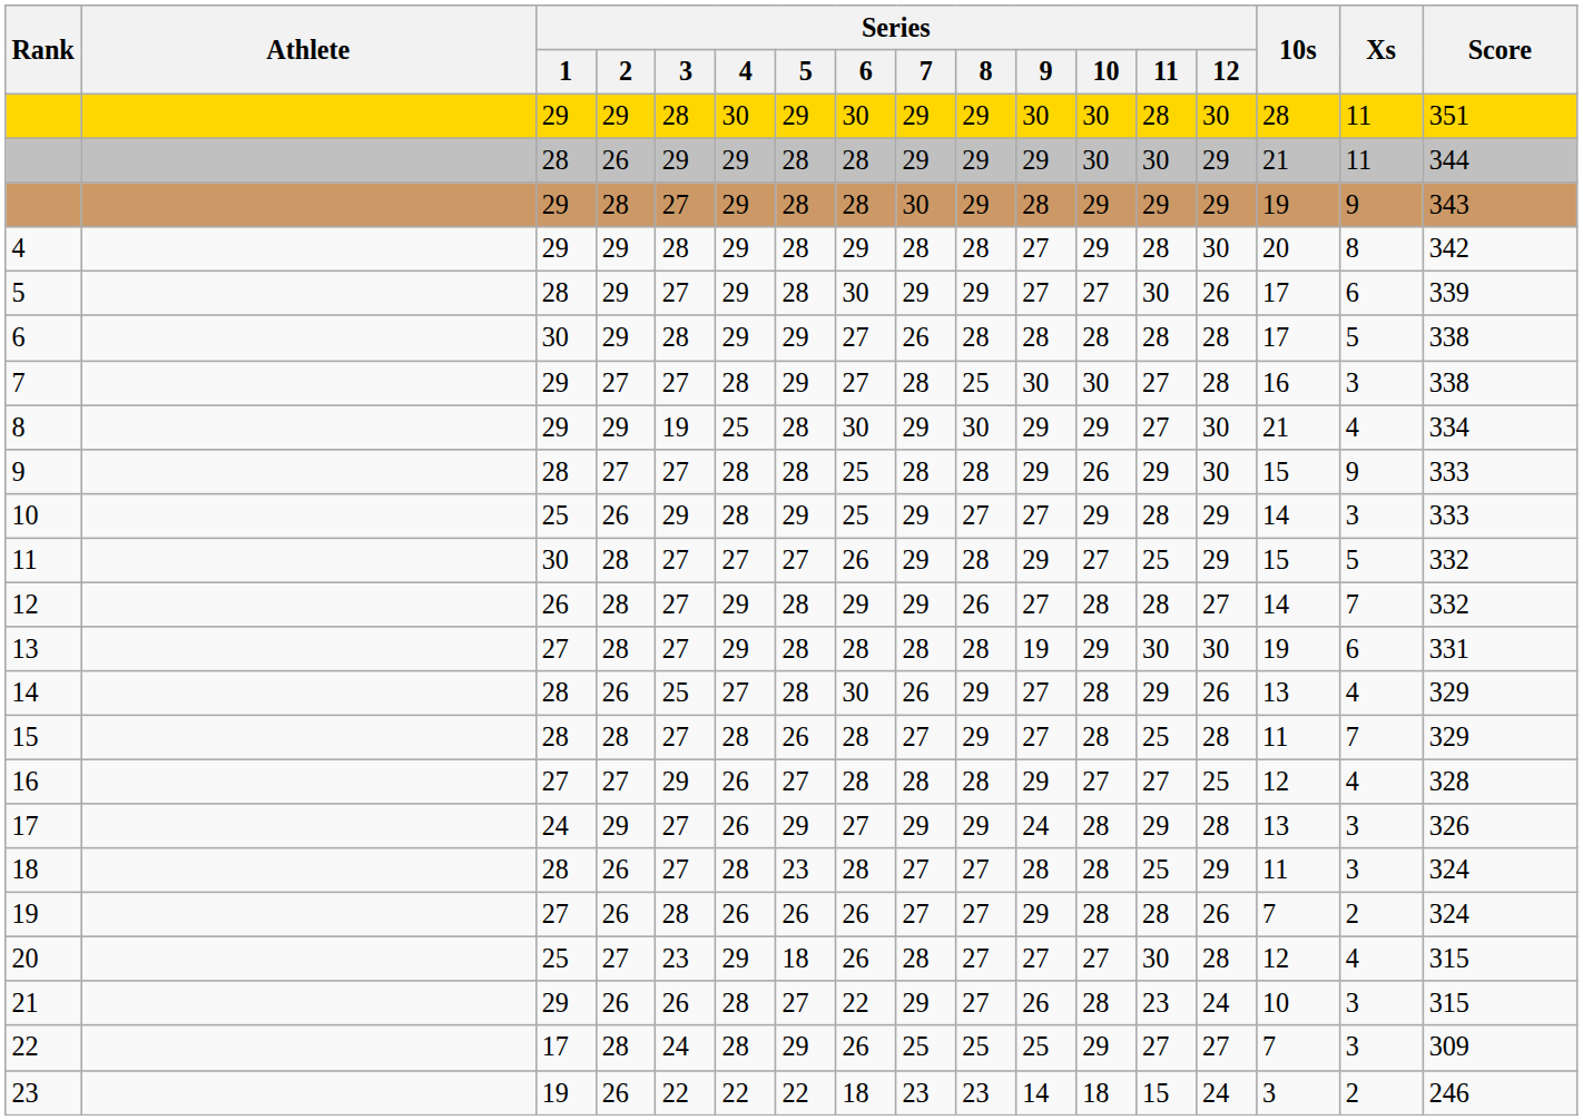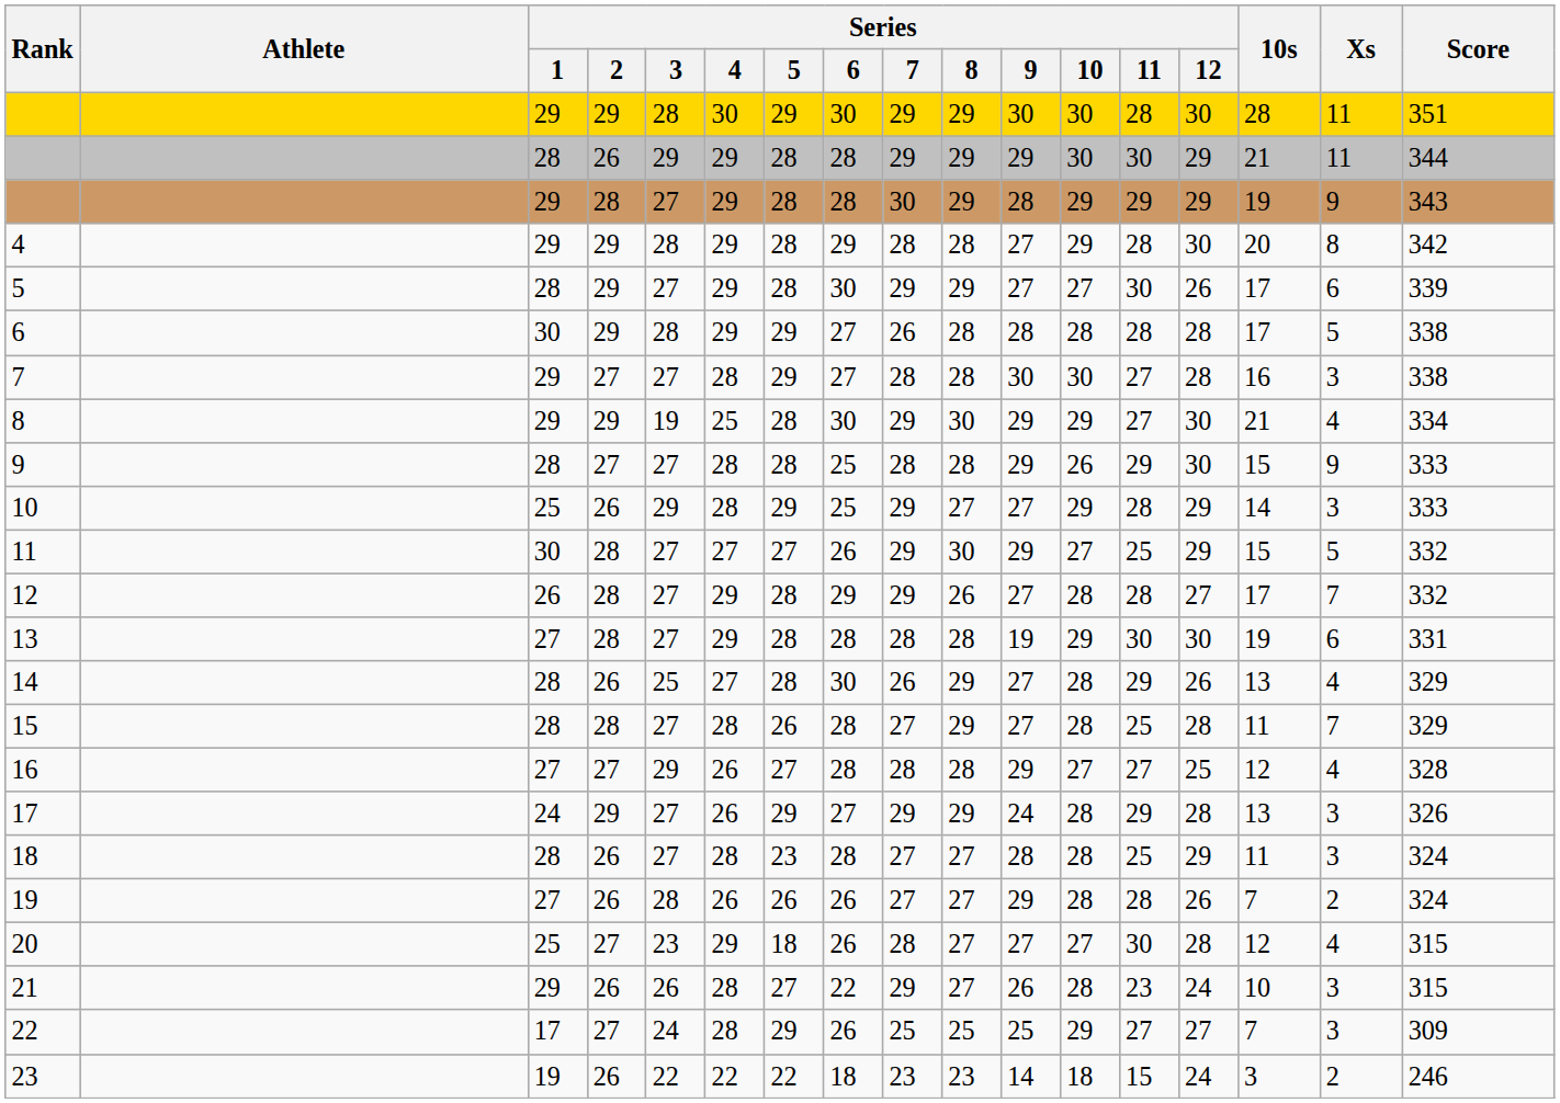 <table class="wikitable" style="font-size:95%" style="width:35em;" style="text-align:center">
 <tr>
 <th rowspan=2>Rank</th>
 <th rowspan=2 width=250>Athlete</th>
 <th colspan=12 width=400>Series</th>
 <th rowspan=2 width=40>10s</th>
 <th rowspan=2 width=40>Xs</th>
 <th rowspan=2 width=80>Score</th>
 </tr>
 <tr>
 <th>1</th>
 <th>2</th>
 <th>3</th>
 <th>4</th>
 <th>5</th>
 <th>6</th>
 <th>7</th>
 <th>8</th>
 <th>9</th>
 <th>10</th>
 <th>11</th>
 <th>12</th>
 </tr>
 <tr bgcolor=gold>
 <td></td>
 <td align=left></td>
 <td>29</td>
 <td>29</td>
 <td>28</td>
 <td>30</td>
 <td>29</td>
 <td>30</td>
 <td>29</td>
 <td>29</td>
 <td>30</td>
 <td>30</td>
 <td>28</td>
 <td>30</td>
 <td>28</td>
 <td>11</td>
 <td>351</td>
 </tr>
 <tr bgcolor=silver>
 <td></td>
 <td align=left></td>
 <td>28</td>
 <td>26</td>
 <td>29</td>
 <td>29</td>
 <td>28</td>
 <td>28</td>
 <td>29</td>
 <td>29</td>
 <td>29</td>
 <td>30</td>
 <td>30</td>
 <td>29</td>
 <td>21</td>
 <td>11</td>
 <td>344</td>
 </tr>
 <tr bgcolor=cc9966>
 <td></td>
 <td align=left></td>
 <td>29</td>
 <td>28</td>
 <td>27</td>
 <td>29</td>
 <td>28</td>
 <td>28</td>
 <td>30</td>
 <td>29</td>
 <td>28</td>
 <td>29</td>
 <td>29</td>
 <td>29</td>
 <td>19</td>
 <td>9</td>
 <td>343</td>
 </tr>
 <tr>
 <td>4</td>
 <td align=left></td>
 <td>29</td>
 <td>29</td>
 <td>28</td>
 <td>29</td>
 <td>28</td>
 <td>29</td>
 <td>28</td>
 <td>28</td>
 <td>27</td>
 <td>29</td>
 <td>28</td>
 <td>30</td>
 <td>20</td>
 <td>8</td>
 <td>342</td>
 </tr>
 <tr>
 <td>5</td>
 <td align=left></td>
 <td>28</td>
 <td>29</td>
 <td>27</td>
 <td>29</td>
 <td>28</td>
 <td>30</td>
 <td>29</td>
 <td>29</td>
 <td>27</td>
 <td>27</td>
 <td>30</td>
 <td>26</td>
 <td>17</td>
 <td>6</td>
 <td>339</td>
 </tr>
 <tr>
 <td>6</td>
 <td align=left></td>
 <td>30</td>
 <td>29</td>
 <td>28</td>
 <td>29</td>
 <td>29</td>
 <td>27</td>
 <td>26</td>
 <td>28</td>
 <td>28</td>
 <td>28</td>
 <td>28</td>
 <td>28</td>
 <td>17</td>
 <td>5</td>
 <td>338</td>
 </tr>
 <tr>
 <td>7</td>
 <td align=left></td>
 <td>29</td>
 <td>27</td>
 <td>27</td>
 <td>28</td>
 <td>29</td>
 <td>27</td>
 <td>28</td>
-<td>25</td>
+<td>28</td>
 <td>30</td>
 <td>30</td>
 <td>27</td>
 <td>28</td>
 <td>16</td>
 <td>3</td>
 <td>338</td>
 </tr>
 <tr>
 <td>8</td>
 <td align=left></td>
 <td>29</td>
 <td>29</td>
 <td>19</td>
 <td>25</td>
 <td>28</td>
 <td>30</td>
 <td>29</td>
 <td>30</td>
 <td>29</td>
 <td>29</td>
 <td>27</td>
 <td>30</td>
 <td>21</td>
 <td>4</td>
 <td>334</td>
 </tr>
 <tr>
 <td>9</td>
 <td align=left></td>
 <td>28</td>
 <td>27</td>
 <td>27</td>
 <td>28</td>
 <td>28</td>
 <td>25</td>
 <td>28</td>
 <td>28</td>
 <td>29</td>
 <td>26</td>
 <td>29</td>
 <td>30</td>
 <td>15</td>
 <td>9</td>
 <td>333</td>
 </tr>
 <tr>
 <td>10</td>
 <td align=left></td>
 <td>25</td>
 <td>26</td>
 <td>29</td>
 <td>28</td>
 <td>29</td>
 <td>25</td>
 <td>29</td>
 <td>27</td>
 <td>27</td>
 <td>29</td>
 <td>28</td>
 <td>29</td>
 <td>14</td>
 <td>3</td>
 <td>333</td>
 </tr>
 <tr>
 <td>11</td>
 <td align=left></td>
 <td>30</td>
 <td>28</td>
 <td>27</td>
 <td>27</td>
 <td>27</td>
 <td>26</td>
 <td>29</td>
-<td>28</td>
+<td>30</td>
 <td>29</td>
 <td>27</td>
 <td>25</td>
 <td>29</td>
 <td>15</td>
 <td>5</td>
 <td>332</td>
 </tr>
 <tr>
 <td>12</td>
 <td align=left></td>
 <td>26</td>
 <td>28</td>
 <td>27</td>
 <td>29</td>
 <td>28</td>
 <td>29</td>
 <td>29</td>
 <td>26</td>
 <td>27</td>
 <td>28</td>
 <td>28</td>
 <td>27</td>
-<td>14</td>
+<td>17</td>
 <td>7</td>
 <td>332</td>
 </tr>
 <tr>
 <td>13</td>
 <td align=left></td>
 <td>27</td>
 <td>28</td>
 <td>27</td>
 <td>29</td>
 <td>28</td>
 <td>28</td>
 <td>28</td>
 <td>28</td>
 <td>19</td>
 <td>29</td>
 <td>30</td>
 <td>30</td>
 <td>19</td>
 <td>6</td>
 <td>331</td>
 </tr>
 <tr>
 <td>14</td>
 <td align=left></td>
 <td>28</td>
 <td>26</td>
 <td>25</td>
 <td>27</td>
 <td>28</td>
 <td>30</td>
 <td>26</td>
 <td>29</td>
 <td>27</td>
 <td>28</td>
 <td>29</td>
 <td>26</td>
 <td>13</td>
 <td>4</td>
 <td>329</td>
 </tr>
 <tr>
 <td>15</td>
 <td align=left></td>
 <td>28</td>
 <td>28</td>
 <td>27</td>
 <td>28</td>
 <td>26</td>
 <td>28</td>
 <td>27</td>
 <td>29</td>
 <td>27</td>
 <td>28</td>
 <td>25</td>
 <td>28</td>
 <td>11</td>
 <td>7</td>
 <td>329</td>
 </tr>
 <tr>
 <td>16</td>
 <td align=left></td>
 <td>27</td>
 <td>27</td>
 <td>29</td>
 <td>26</td>
 <td>27</td>
 <td>28</td>
 <td>28</td>
 <td>28</td>
 <td>29</td>
 <td>27</td>
 <td>27</td>
 <td>25</td>
 <td>12</td>
 <td>4</td>
 <td>328</td>
 </tr>
 <tr>
 <td>17</td>
 <td align=left></td>
 <td>24</td>
 <td>29</td>
 <td>27</td>
 <td>26</td>
 <td>29</td>
 <td>27</td>
 <td>29</td>
 <td>29</td>
 <td>24</td>
 <td>28</td>
 <td>29</td>
 <td>28</td>
 <td>13</td>
 <td>3</td>
 <td>326</td>
 </tr>
 <tr>
 <td>18</td>
 <td align=left></td>
 <td>28</td>
 <td>26</td>
 <td>27</td>
 <td>28</td>
 <td>23</td>
 <td>28</td>
 <td>27</td>
 <td>27</td>
 <td>28</td>
 <td>28</td>
 <td>25</td>
 <td>29</td>
 <td>11</td>
 <td>3</td>
 <td>324</td>
 </tr>
 <tr>
 <td>19</td>
 <td align=left></td>
 <td>27</td>
 <td>26</td>
 <td>28</td>
 <td>26</td>
 <td>26</td>
 <td>26</td>
 <td>27</td>
 <td>27</td>
 <td>29</td>
 <td>28</td>
 <td>28</td>
 <td>26</td>
 <td>7</td>
 <td>2</td>
 <td>324</td>
 </tr>
 <tr>
 <td>20</td>
 <td align=left></td>
 <td>25</td>
 <td>27</td>
 <td>23</td>
 <td>29</td>
 <td>18</td>
 <td>26</td>
 <td>28</td>
 <td>27</td>
 <td>27</td>
 <td>27</td>
 <td>30</td>
 <td>28</td>
 <td>12</td>
 <td>4</td>
 <td>315</td>
 </tr>
 <tr>
 <td>21</td>
 <td align=left></td>
 <td>29</td>
 <td>26</td>
 <td>26</td>
 <td>28</td>
 <td>27</td>
 <td>22</td>
 <td>29</td>
 <td>27</td>
 <td>26</td>
 <td>28</td>
 <td>23</td>
 <td>24</td>
 <td>10</td>
 <td>3</td>
 <td>315</td>
 </tr>
 <tr>
 <td>22</td>
 <td align=left></td>
 <td>17</td>
-<td>28</td>
+<td>27</td>
 <td>24</td>
 <td>28</td>
 <td>29</td>
 <td>26</td>
 <td>25</td>
 <td>25</td>
 <td>25</td>
 <td>29</td>
 <td>27</td>
 <td>27</td>
 <td>7</td>
 <td>3</td>
 <td>309</td>
 </tr>
 <tr>
 <td>23</td>
 <td align=left></td>
 <td>19</td>
 <td>26</td>
 <td>22</td>
 <td>22</td>
 <td>22</td>
 <td>18</td>
 <td>23</td>
 <td>23</td>
 <td>14</td>
 <td>18</td>
 <td>15</td>
 <td>24</td>
 <td>3</td>
 <td>2</td>
 <td>246</td>
 </tr>
 <tr>
 </tr>
 </table>
